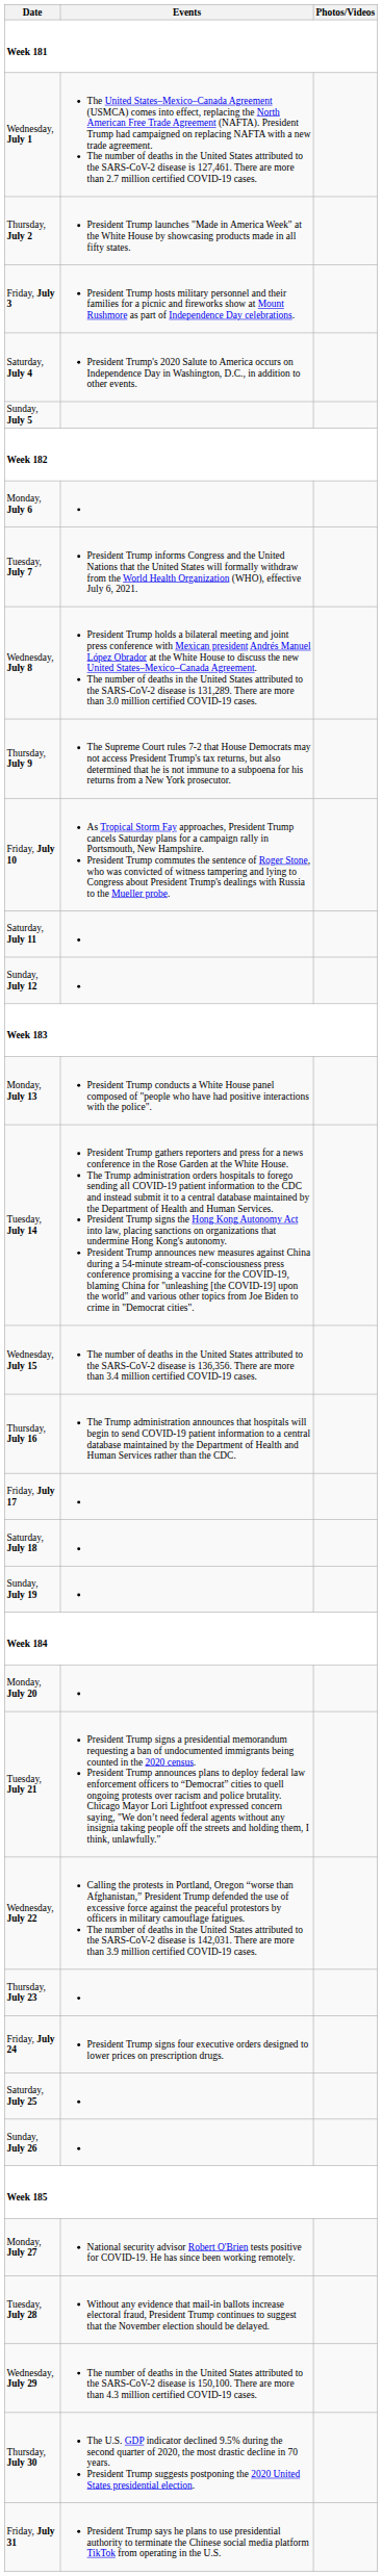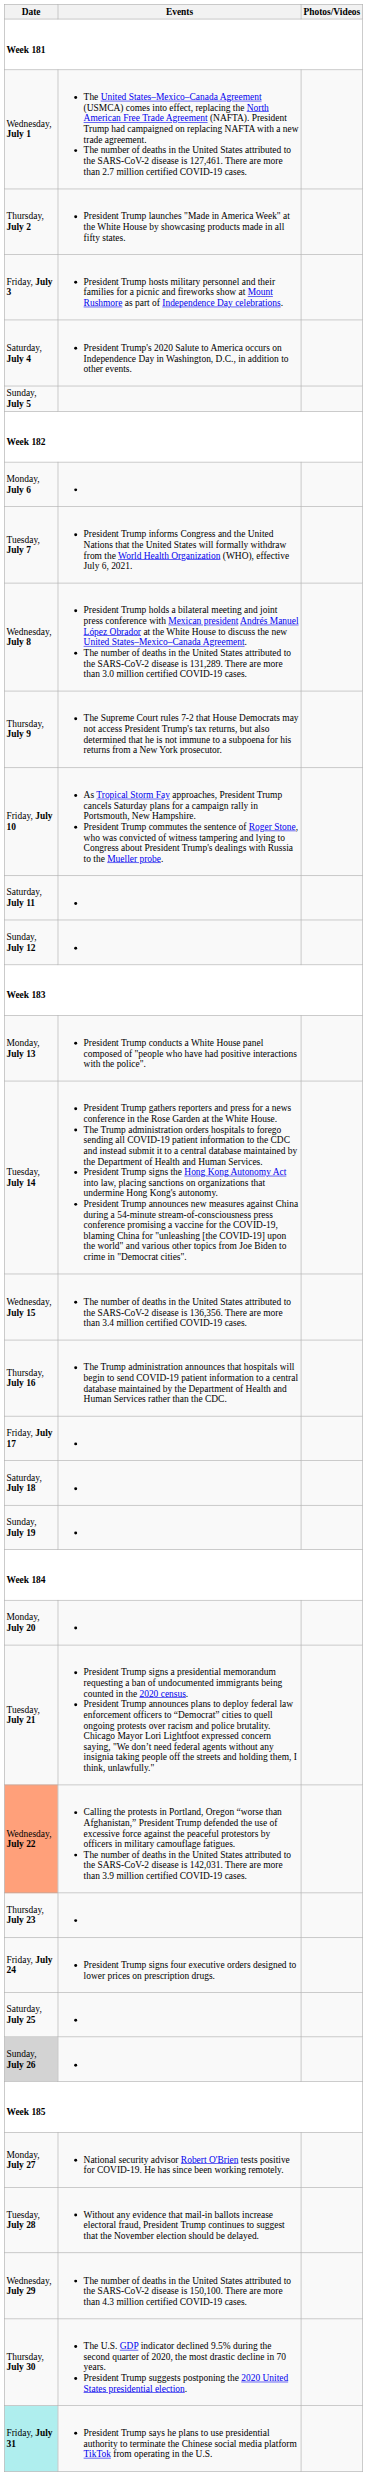 <table class="wikitable">
 <tr>
 <th>Date</th>
 <th>Events</th>
 <th>Photos/Videos</th>
 </tr>
 <tr style="background:white;">
 <td colspan="3"><br><h4>Week 181</h4></td>
 </tr>
 <tr>
 <td>Wednesday, <strong>July 1</strong></td>
 <td><br><ul><li>The <a href='#'>United States–Mexico–Canada Agreement</a> (USMCA) comes into effect, replacing the <a href='#'>North American Free Trade Agreement</a> (NAFTA). President Trump had campaigned on replacing NAFTA with a new trade agreement.</li><li>The number of deaths in the United States attributed to the SARS-CoV-2 disease is 127,461. There are more than 2.7 million certified COVID-19 cases.</li></ul></td>
 <td></td>
 </tr>
 <tr>
 <td>Thursday, <strong>July 2</strong></td>
 <td><br><ul><li>President Trump launches "Made in America Week" at the White House by showcasing products made in all fifty states.</li></ul></td>
 <td></td>
 </tr>
 <tr>
 <td>Friday, <strong>July 3</strong></td>
 <td><br><ul><li>President Trump hosts military personnel and their families for a picnic and fireworks show at <a href='#'>Mount Rushmore</a> as part of <a href='#'>Independence Day celebrations</a>.</li></ul></td>
 <td></td>
 </tr>
 <tr>
 <td>Saturday, <strong>July 4</strong></td>
 <td><br><ul><li>President Trump's 2020 Salute to America occurs on Independence Day in Washington, D.C., in addition to other events.</li></ul></td>
 <td></td>
 </tr>
 <tr>
 <td>Sunday, <strong>July 5</strong></td>
 <td></td>
 <td></td>
 </tr>
 <tr style="background:white;">
 <td colspan="3"><br><h4>Week 182</h4></td>
 </tr>
 <tr>
 <td>Monday, <strong>July 6</strong></td>
 <td><br><ul><li></li></ul></td>
 <td></td>
 </tr>
 <tr>
 <td>Tuesday, <strong>July 7</strong></td>
 <td><br><ul><li>President Trump informs Congress and the United Nations that the United States will formally withdraw from the <a href='#'>World Health Organization</a> (WHO), effective July 6, 2021.</li></ul></td>
 <td></td>
 </tr>
 <tr>
 <td>Wednesday, <strong>July 8</strong></td>
 <td><br><ul><li>President Trump holds a bilateral meeting and joint press conference with <a href='#'>Mexican president</a> <a href='#'>Andrés Manuel López Obrador</a> at the White House to discuss the new <a href='#'>United States–Mexico–Canada Agreement</a>.</li><li>The number of deaths in the United States attributed to the SARS-CoV-2 disease is 131,289. There are more than 3.0 million certified COVID-19 cases.</li></ul></td>
 <td></td>
 </tr>
 <tr>
 <td>Thursday, <strong>July 9</strong></td>
 <td><br><ul><li>The Supreme Court rules 7-2 that House Democrats may not access President Trump's tax returns, but also determined that he is not immune to a subpoena for his returns from a New York prosecutor.</li></ul></td>
 <td></td>
 </tr>
 <tr>
 <td>Friday, <strong>July 10</strong></td>
 <td><br><ul><li>As <a href='#'>Tropical Storm Fay</a> approaches, President Trump cancels Saturday plans for a campaign rally in Portsmouth, New Hampshire.</li><li>President Trump commutes the sentence of <a href='#'>Roger Stone</a>, who was convicted of witness tampering and lying to Congress about President Trump's dealings with Russia to the <a href='#'>Mueller probe</a>.</li></ul></td>
 <td></td>
 </tr>
 <tr>
 <td>Saturday, <strong>July 11</strong></td>
 <td><br><ul><li></li></ul></td>
 <td></td>
 </tr>
 <tr>
 <td>Sunday, <strong>July 12</strong></td>
 <td><br><ul><li></li></ul></td>
 <td></td>
 </tr>
 <tr style="background:white;">
 <td colspan="3"><br><h4>Week 183</h4></td>
 </tr>
 <tr>
 <td>Monday, <strong>July 13</strong></td>
 <td><br><ul><li>President Trump conducts a White House panel composed of "people who have had positive interactions with the police".</li></ul></td>
 <td></td>
 </tr>
 <tr>
 <td>Tuesday, <strong>July 14</strong></td>
 <td><br><ul><li>President Trump gathers reporters and press for a news conference in the Rose Garden at the White House.</li><li>The Trump administration orders hospitals to forego sending all COVID-19 patient information to the CDC and instead submit it to a central database maintained by the Department of Health and Human Services.</li><li>President Trump signs the <a href='#'>Hong Kong Autonomy Act</a> into law, placing sanctions on organizations that undermine Hong Kong's autonomy.</li><li>President Trump announces new measures against China during a 54-minute stream-of-consciousness press conference promising a vaccine for the COVID-19, blaming China for "unleashing [the COVID-19] upon the world" and various other topics from Joe Biden to crime in "Democrat cities".</li></ul></td>
 <td></td>
 </tr>
 <tr>
 <td>Wednesday, <strong>July 15</strong></td>
 <td><br><ul><li>The number of deaths in the United States attributed to the SARS-CoV-2 disease is 136,356. There are more than 3.4 million certified COVID-19 cases.</li></ul></td>
 <td></td>
 </tr>
 <tr>
 <td>Thursday, <strong>July 16</strong></td>
 <td><br><ul><li>The Trump administration announces that hospitals will begin to send COVID-19 patient information to a central database maintained by the Department of Health and Human Services rather than the CDC.</li></ul></td>
 <td></td>
 </tr>
 <tr>
 <td>Friday, <strong>July 17</strong></td>
 <td><br><ul><li></li></ul></td>
 <td></td>
 </tr>
 <tr>
 <td>Saturday, <strong>July 18</strong></td>
 <td><br><ul><li></li></ul></td>
 <td></td>
 </tr>
 <tr>
 <td>Sunday, <strong>July 19</strong></td>
 <td><br><ul><li></li></ul></td>
 <td></td>
 </tr>
 <tr style="background:white;">
 <td colspan="3"><br><h4>Week 184</h4></td>
 </tr>
 <tr>
 <td>Monday, <strong>July 20</strong></td>
 <td><br><ul><li></li></ul></td>
 <td></td>
 </tr>
 <tr>
 <td>Tuesday, <strong>July 21</strong></td>
 <td><br><ul><li>President Trump signs a presidential memorandum requesting a ban of undocumented immigrants being counted in the <a href='#'>2020 census</a>.</li><li>President Trump announces plans to deploy federal law enforcement officers to  “Democrat” cities to quell ongoing protests over racism and police brutality. Chicago Mayor Lori Lightfoot expressed concern saying, "We don’t need federal agents without any insignia taking people off the streets and holding them, I think, unlawfully."</li></ul></td>
 <td></td>
 </tr>
 <tr>
-<td>Wednesday, <strong>July 22</strong></td>
+<td style="background: lightsalmon;">Wednesday, <strong>July 22</strong></td>
 <td><br><ul><li>Calling the protests in Portland, Oregon “worse than Afghanistan,” President Trump defended the use of excessive force against the peaceful protestors by officers in military camouflage fatigues.</li><li>The number of deaths in the United States attributed to the SARS-CoV-2 disease is 142,031. There are more than 3.9 million certified COVID-19 cases.</li></ul></td>
 <td></td>
 </tr>
 <tr>
 <td>Thursday, <strong>July 23</strong></td>
 <td><br><ul><li></li></ul></td>
 <td></td>
 </tr>
 <tr>
 <td>Friday, <strong>July 24</strong></td>
 <td><br><ul><li>President Trump signs four executive orders designed to lower prices on prescription drugs.</li></ul></td>
 <td></td>
 </tr>
 <tr>
 <td>Saturday, <strong>July 25</strong></td>
 <td><br><ul><li></li></ul></td>
 <td></td>
 </tr>
 <tr>
-<td>Sunday, <strong>July 26</strong></td>
+<td style="background: lightgrey;">Sunday, <strong>July 26</strong></td>
 <td><br><ul><li></li></ul></td>
 <td></td>
 </tr>
 <tr style="background:white;">
 <td colspan="3"><br><h4>Week 185</h4></td>
 </tr>
 <tr>
 <td>Monday, <strong>July 27</strong></td>
 <td><br><ul><li>National security advisor <a href='#'>Robert O'Brien</a> tests positive for COVID-19. He has since been working remotely.</li></ul></td>
 <td></td>
 </tr>
 <tr>
 <td>Tuesday, <strong>July 28</strong></td>
 <td><br><ul><li>Without any evidence that mail-in ballots increase electoral fraud, President Trump continues to suggest that the November election should be delayed.</li></ul></td>
 <td></td>
 </tr>
 <tr>
 <td>Wednesday, <strong>July 29</strong></td>
 <td><br><ul><li>The number of deaths in the United States attributed to the SARS-CoV-2 disease is 150,100. There are more than 4.3 million certified COVID-19 cases.</li></ul></td>
 <td></td>
 </tr>
 <tr>
 <td>Thursday, <strong>July 30</strong></td>
 <td><br><ul><li>The U.S. <a href='#'>GDP</a> indicator declined 9.5% during the second quarter of 2020, the most drastic decline in 70 years. </li><li>President Trump suggests postponing the <a href='#'>2020 United States presidential election</a>.</li></ul></td>
 <td></td>
 </tr>
 <tr>
-<td>Friday, <strong>July 31</strong></td>
+<td style="background: paleturquoise;">Friday, <strong>July 31</strong></td>
 <td><br><ul><li>President Trump says he plans to use presidential authority to terminate the Chinese social media platform <a href='#'>TikTok</a> from operating in the U.S.</li></ul></td>
 <td></td>
 </tr>
 </table>
